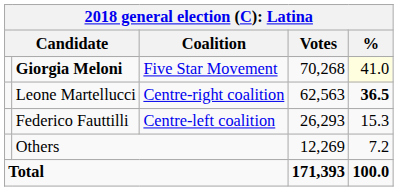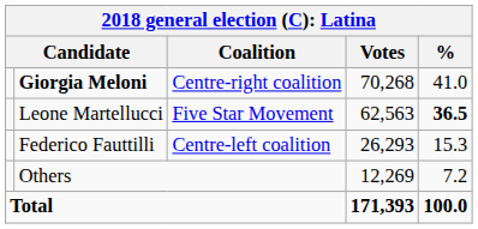 <table class="wikitable" style="text-align: right">
 <tr>
 <th colspan="5"><a href='#'>2018 general election</a> (<a href='#'>C</a>): <a href='#'>Latina</a></th>
 </tr>
 <tr>
 <th colspan="2">Candidate</th>
 <th>Coalition</th>
 <th>Votes</th>
 <th>%</th>
 </tr>
 <tr>
 <td></td>
 <td align="left"><strong>Giorgia Meloni</strong></td>
-<td align="left"><a href='#'>Five Star Movement</a></td>
+<td align="left"><a href='#'>Centre-right coalition</a></td>
 <td>70,268</td>
-<td style="background: lightyellow;">41.0</td>
+<td>41.0</td>
 </tr>
 <tr>
 <td></td>
 <td align="left">Leone Martellucci</td>
-<td align="left"><a href='#'>Centre-right coalition</a></td>
+<td align="left"><a href='#'>Five Star Movement</a></td>
 <td>62,563</td>
 <td><strong>36.5</strong></td>
 </tr>
 <tr>
 <td></td>
 <td align="left">Federico Fauttilli</td>
 <td align="left"><a href='#'>Centre-left coalition</a></td>
 <td>26,293</td>
 <td>15.3</td>
 </tr>
 <tr>
 <td></td>
 <td align="left" colspan="2">Others</td>
 <td>12,269</td>
 <td>7.2</td>
 </tr>
 <tr>
 <td align="left" colspan="3"><strong>Total</strong></td>
 <td><strong>171,393</strong></td>
 <td><strong>100.0</strong></td>
 </tr>
 </table>
